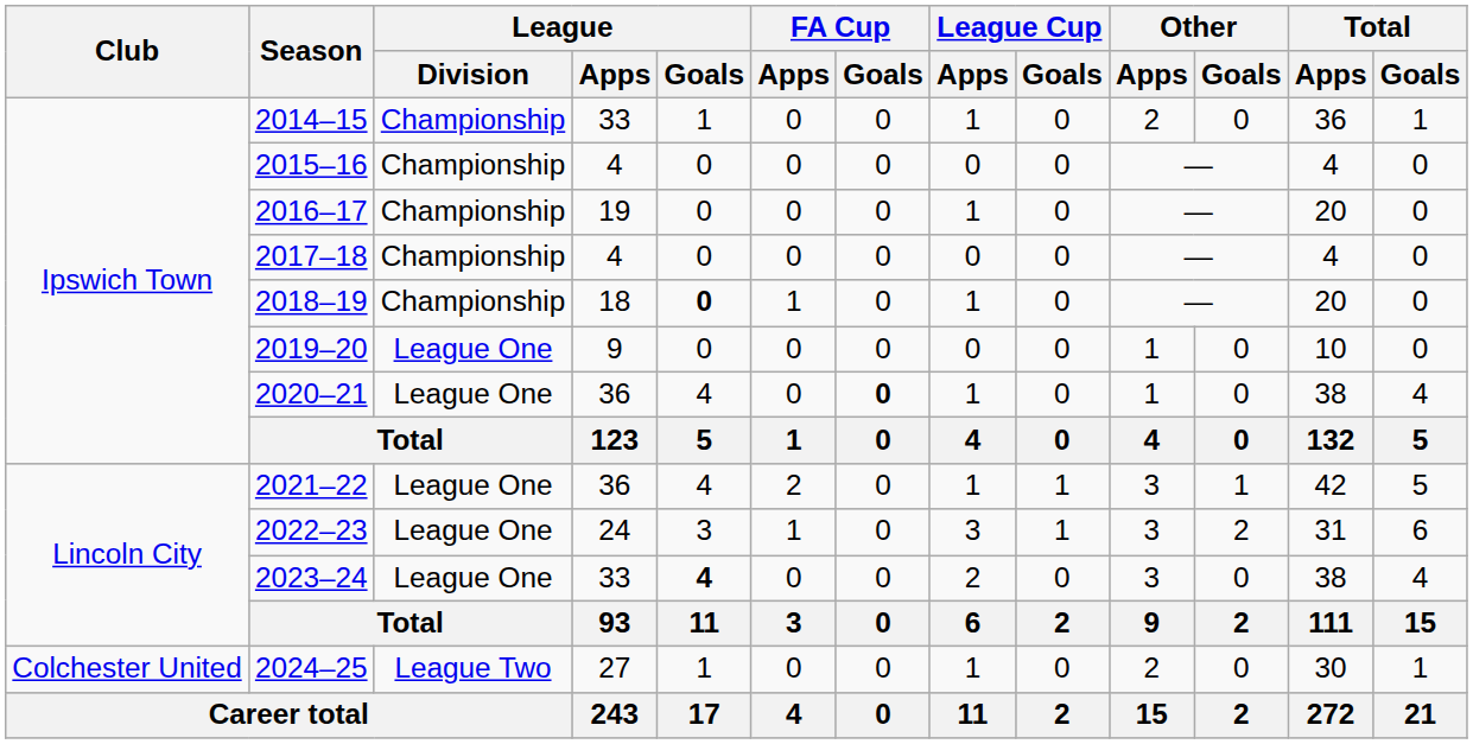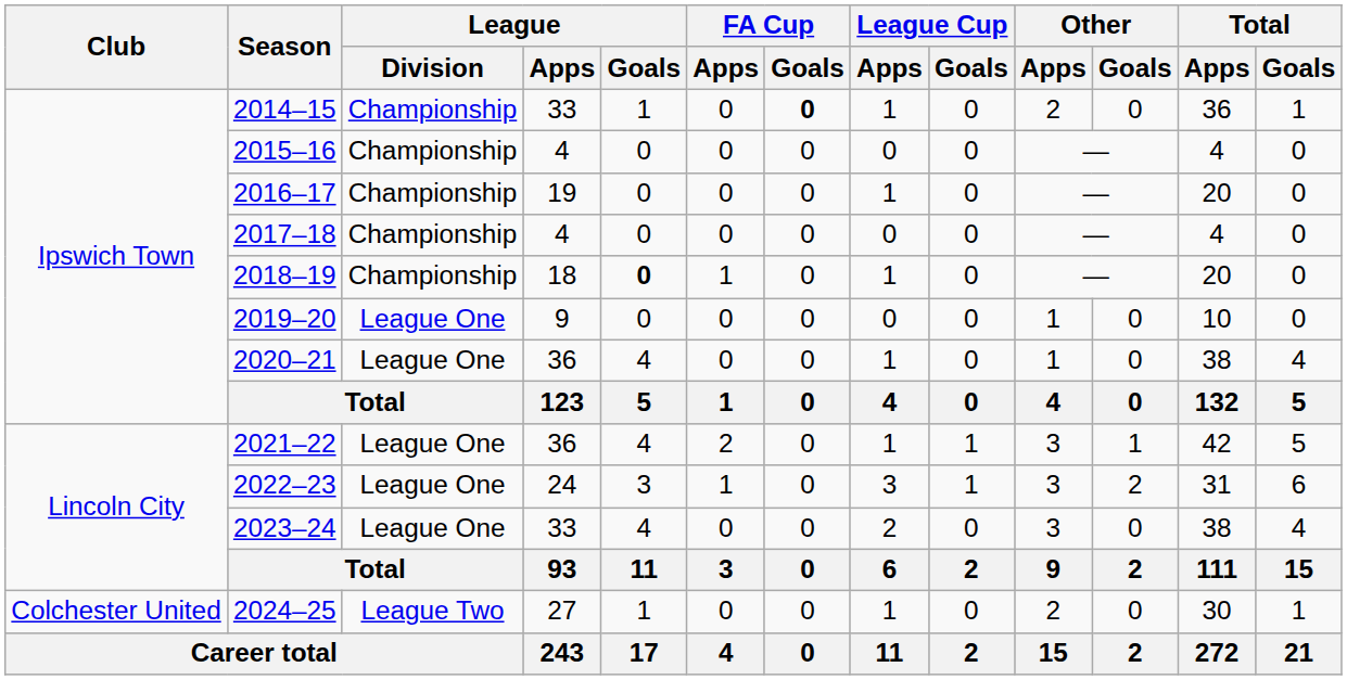 <table class=wikitable style=text-align:center>
 <tr>
 <th rowspan=2>Club</th>
 <th rowspan=2>Season</th>
 <th colspan=3>League</th>
 <th colspan=2><a href='#'>FA Cup</a></th>
 <th colspan=2><a href='#'>League Cup</a></th>
 <th colspan=2>Other</th>
 <th colspan=2>Total</th>
 </tr>
 <tr>
 <th>Division</th>
 <th>Apps</th>
 <th>Goals</th>
 <th>Apps</th>
 <th>Goals</th>
 <th>Apps</th>
 <th>Goals</th>
 <th>Apps</th>
 <th>Goals</th>
 <th>Apps</th>
 <th>Goals</th>
 </tr>
 <tr>
 <td rowspan="8"><a href='#'>Ipswich Town</a></td>
 <td><a href='#'>2014–15</a></td>
 <td><a href='#'>Championship</a></td>
 <td>33</td>
 <td>1</td>
 <td>0</td>
-<td>0</td>
+<td><strong>0</strong></td>
 <td>1</td>
 <td>0</td>
 <td>2</td>
 <td>0</td>
 <td>36</td>
 <td>1</td>
 </tr>
 <tr>
 <td><a href='#'>2015–16</a></td>
 <td>Championship</td>
 <td>4</td>
 <td>0</td>
 <td>0</td>
 <td>0</td>
 <td>0</td>
 <td>0</td>
 <td colspan=2>—</td>
 <td>4</td>
 <td>0</td>
 </tr>
 <tr>
 <td><a href='#'>2016–17</a></td>
 <td>Championship</td>
 <td>19</td>
 <td>0</td>
 <td>0</td>
 <td>0</td>
 <td>1</td>
 <td>0</td>
 <td colspan=2>—</td>
 <td>20</td>
 <td>0</td>
 </tr>
 <tr>
 <td><a href='#'>2017–18</a></td>
 <td>Championship</td>
 <td>4</td>
 <td>0</td>
 <td>0</td>
 <td>0</td>
 <td>0</td>
 <td>0</td>
 <td colspan=2>—</td>
 <td>4</td>
 <td>0</td>
 </tr>
 <tr>
 <td><a href='#'>2018–19</a></td>
 <td>Championship</td>
 <td>18</td>
 <td><strong>0</strong></td>
 <td>1</td>
 <td>0</td>
 <td>1</td>
 <td>0</td>
 <td colspan=2>—</td>
 <td>20</td>
 <td>0</td>
 </tr>
 <tr>
 <td><a href='#'>2019–20</a></td>
 <td><a href='#'>League One</a></td>
 <td>9</td>
 <td>0</td>
 <td>0</td>
 <td>0</td>
 <td>0</td>
 <td>0</td>
 <td>1</td>
 <td>0</td>
 <td>10</td>
 <td>0</td>
 </tr>
 <tr>
 <td><a href='#'>2020–21</a></td>
 <td>League One</td>
 <td>36</td>
 <td>4</td>
 <td>0</td>
-<td><strong>0</strong></td>
+<td>0</td>
 <td>1</td>
 <td>0</td>
 <td>1</td>
 <td>0</td>
 <td>38</td>
 <td>4</td>
 </tr>
 <tr>
 <th colspan=2>Total</th>
 <th>123</th>
 <th>5</th>
 <th>1</th>
 <th>0</th>
 <th>4</th>
 <th>0</th>
 <th>4</th>
 <th>0</th>
 <th>132</th>
 <th>5</th>
 </tr>
 <tr>
 <td rowspan="4"><a href='#'>Lincoln City</a></td>
 <td><a href='#'>2021–22</a></td>
 <td>League One</td>
 <td>36</td>
 <td>4</td>
 <td>2</td>
 <td>0</td>
 <td>1</td>
 <td>1</td>
 <td>3</td>
 <td>1</td>
 <td>42</td>
 <td>5</td>
 </tr>
 <tr>
 <td><a href='#'>2022–23</a></td>
 <td>League One</td>
 <td>24</td>
 <td>3</td>
 <td>1</td>
 <td>0</td>
 <td>3</td>
 <td>1</td>
 <td>3</td>
 <td>2</td>
 <td>31</td>
 <td>6</td>
 </tr>
 <tr>
 <td><a href='#'>2023–24</a></td>
 <td>League One</td>
 <td>33</td>
-<td><strong>4</strong></td>
+<td>4</td>
 <td>0</td>
 <td>0</td>
 <td>2</td>
 <td>0</td>
 <td>3</td>
 <td>0</td>
 <td>38</td>
 <td>4</td>
 </tr>
 <tr>
 <th colspan=2>Total</th>
 <th>93</th>
 <th>11</th>
 <th>3</th>
 <th>0</th>
 <th>6</th>
 <th>2</th>
 <th>9</th>
 <th>2</th>
 <th>111</th>
 <th>15</th>
 </tr>
 <tr>
 <td><a href='#'>Colchester United</a></td>
 <td><a href='#'>2024–25</a></td>
 <td><a href='#'>League Two</a></td>
 <td>27</td>
 <td>1</td>
 <td>0</td>
 <td>0</td>
 <td>1</td>
 <td>0</td>
 <td>2</td>
 <td>0</td>
 <td>30</td>
 <td>1</td>
 </tr>
 <tr>
 <th colspan=3>Career total</th>
 <th>243</th>
 <th>17</th>
 <th>4</th>
 <th>0</th>
 <th>11</th>
 <th>2</th>
 <th>15</th>
 <th>2</th>
 <th>272</th>
 <th>21</th>
 </tr>
 </table>
